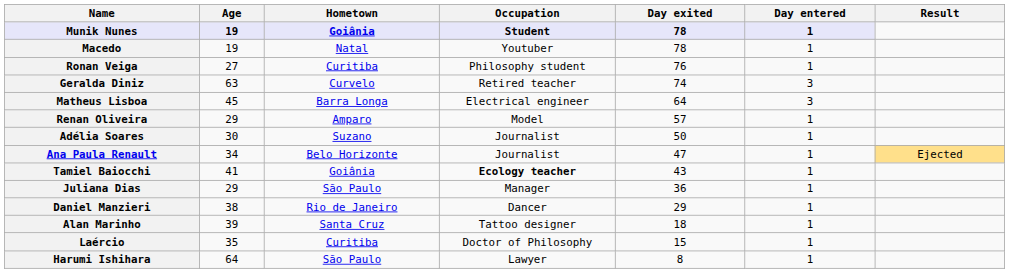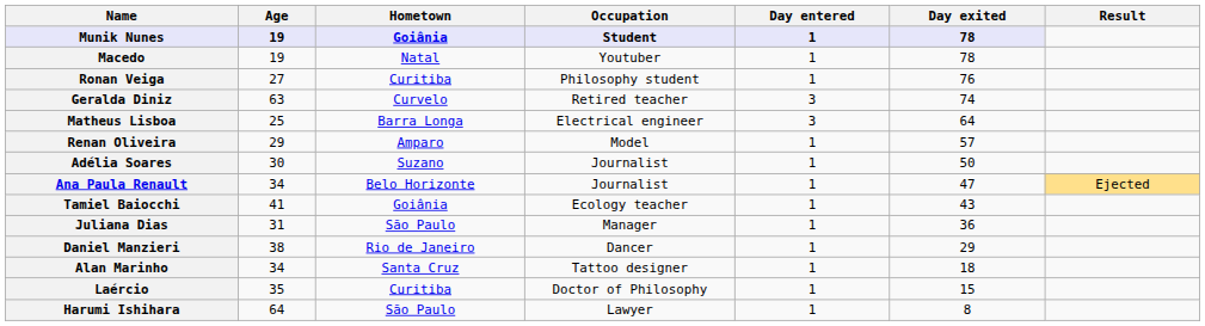 <table class="wikitable sortable" style="text-align:center;">
 <tr>
 <th scope="col" width="15.0%">Name</th>
 <th scope="col" width="05.0%">Age</th>
 <th scope="col" width="13.5%">Hometown</th>
 <th scope="col" width="13.5%">Occupation</th>
+<th scope="col" width="10.0%">Day entered</th>
 <th scope="col" width="10.0%">Day exited</th>
-<th scope="col" width="10.0%">Day entered</th>
 <th scope="col" width="10.0%">Result</th>
 </tr>
 <tr>
 <td bgcolor="E6E6FA"><strong>Munik Nunes</strong></td>
 <td bgcolor="E6E6FA"><strong>19</strong></td>
 <td bgcolor="E6E6FA"><strong><a href='#'>Goiânia</a></strong></td>
 <td bgcolor="E6E6FA"><strong>Student</strong></td>
+<td bgcolor="E6E6FA"><strong>1</strong></td>
 <td bgcolor="E6E6FA"><strong>78</strong></td>
-<td bgcolor="E6E6FA"><strong>1</strong></td>
 <td></td>
 </tr>
 <tr>
 <th> Macedo</th>
 <td>19</td>
 <td><a href='#'>Natal</a></td>
 <td>Youtuber</td>
+<td>1</td>
 <td>78</td>
-<td>1</td>
 <td></td>
 </tr>
 <tr>
 <th>Ronan Veiga</th>
 <td>27</td>
 <td><a href='#'>Curitiba</a></td>
 <td>Philosophy student</td>
+<td>1</td>
 <td>76</td>
-<td>1</td>
 <td></td>
 </tr>
 <tr>
 <th>Geralda Diniz</th>
 <td>63</td>
 <td><a href='#'>Curvelo</a></td>
 <td>Retired teacher</td>
+<td>3</td>
 <td>74</td>
-<td>3</td>
 <td></td>
 </tr>
 <tr>
 <th>Matheus Lisboa</th>
-<td>45</td>
+<td>25</td>
 <td><a href='#'>Barra Longa</a></td>
 <td>Electrical engineer</td>
+<td>3</td>
 <td>64</td>
-<td>3</td>
 <td></td>
 </tr>
 <tr>
 <th>Renan Oliveira</th>
 <td>29</td>
 <td><a href='#'>Amparo</a></td>
 <td>Model</td>
+<td>1</td>
 <td>57</td>
-<td>1</td>
 <td></td>
 </tr>
 <tr>
 <th>Adélia Soares</th>
 <td>30</td>
 <td><a href='#'>Suzano</a></td>
 <td>Journalist</td>
+<td>1</td>
 <td>50</td>
-<td>1</td>
 <td></td>
 </tr>
 <tr>
 <th><a href='#'>Ana Paula Renault</a></th>
 <td>34</td>
 <td><a href='#'>Belo Horizonte</a></td>
 <td>Journalist</td>
+<td>1</td>
 <td>47</td>
-<td>1</td>
 <td bgcolor=FFE08B>Ejected</td>
 </tr>
 <tr>
 <th>Tamiel Baiocchi</th>
 <td>41</td>
 <td><a href='#'>Goiânia</a></td>
-<td><strong>Ecology teacher</strong></td>
+<td>Ecology teacher</td>
+<td>1</td>
 <td>43</td>
-<td>1</td>
 <td></td>
 </tr>
 <tr>
 <th>Juliana Dias</th>
-<td>29</td>
+<td>31</td>
 <td><a href='#'>São Paulo</a></td>
 <td>Manager</td>
+<td>1</td>
 <td>36</td>
-<td>1</td>
 <td></td>
 </tr>
 <tr>
 <th>Daniel Manzieri</th>
 <td>38</td>
 <td><a href='#'>Rio de Janeiro</a></td>
 <td>Dancer</td>
+<td>1</td>
 <td>29</td>
-<td>1</td>
 <td></td>
 </tr>
 <tr>
 <th>Alan Marinho</th>
-<td>39</td>
+<td>34</td>
 <td><a href='#'>Santa Cruz</a></td>
 <td>Tattoo designer</td>
+<td>1</td>
 <td>18</td>
-<td>1</td>
 <td></td>
 </tr>
 <tr>
 <th>Laércio </th>
 <td>35</td>
 <td><a href='#'>Curitiba</a></td>
 <td>Doctor of Philosophy</td>
+<td>1</td>
 <td>15</td>
-<td>1</td>
 <td></td>
 </tr>
 <tr>
 <th>Harumi Ishihara</th>
 <td>64</td>
 <td><a href='#'>São Paulo</a></td>
 <td>Lawyer</td>
+<td>1</td>
 <td>8</td>
-<td>1</td>
 <td></td>
 </tr>
 </table>
